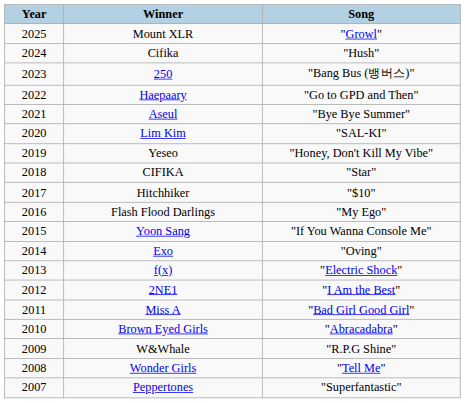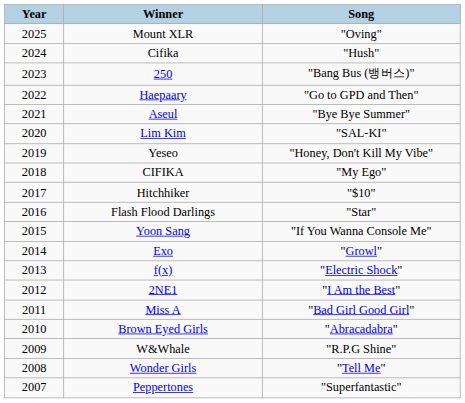 <table class="wikitable" style="text-align: center">
 <tr>
 <th width="70" style="background:#b3d1e3;">Year</th>
 <th width="250" style="background:#b3d1e3;">Winner</th>
 <th width="250" style="background:#b3d1e3;">Song</th>
 </tr>
 <tr>
 <td>2025</td>
 <td>Mount XLR</td>
-<td>"<a href='#'>Growl</a>"</td>
+<td>"Oving"</td>
 </tr>
 <tr>
 <td>2024</td>
 <td>Cifika</td>
 <td>"Hush"</td>
 </tr>
 <tr>
 <td>2023</td>
 <td><a href='#'>250</a></td>
 <td>"Bang Bus (뱅버스)"</td>
 </tr>
 <tr>
 <td>2022</td>
 <td><a href='#'>Haepaary</a></td>
 <td>"Go to GPD and Then"</td>
 </tr>
 <tr>
 <td>2021</td>
 <td><a href='#'>Aseul</a></td>
 <td>"Bye Bye Summer"</td>
 </tr>
 <tr>
 <td>2020</td>
 <td><a href='#'>Lim Kim</a></td>
 <td>"SAL-KI"</td>
 </tr>
 <tr>
 <td>2019</td>
 <td>Yeseo</td>
 <td>"Honey, Don't Kill My Vibe"</td>
 </tr>
 <tr>
 <td>2018</td>
 <td>CIFIKA</td>
-<td>"Star"</td>
+<td>"My Ego"</td>
 </tr>
 <tr>
 <td>2017</td>
 <td>Hitchhiker</td>
 <td>"$10"</td>
 </tr>
 <tr>
 <td>2016</td>
 <td>Flash Flood Darlings</td>
-<td>"My Ego"</td>
+<td>"Star"</td>
 </tr>
 <tr>
 <td>2015</td>
 <td><a href='#'>Yoon Sang</a></td>
 <td>"If You Wanna Console Me"</td>
 </tr>
 <tr>
 <td>2014</td>
 <td><a href='#'>Exo</a></td>
-<td>"Oving"</td>
+<td>"<a href='#'>Growl</a>"</td>
 </tr>
 <tr>
 <td>2013</td>
 <td><a href='#'>f(x)</a></td>
 <td>"<a href='#'>Electric Shock</a>"</td>
 </tr>
 <tr>
 <td>2012</td>
 <td><a href='#'>2NE1</a></td>
 <td>"<a href='#'>I Am the Best</a>"</td>
 </tr>
 <tr>
 <td>2011</td>
 <td><a href='#'>Miss A</a></td>
 <td>"<a href='#'>Bad Girl Good Girl</a>"</td>
 </tr>
 <tr>
 <td>2010</td>
 <td><a href='#'>Brown Eyed Girls</a></td>
 <td>"<a href='#'>Abracadabra</a>"</td>
 </tr>
 <tr>
 <td>2009</td>
 <td>W&Whale</td>
 <td>"R.P.G Shine"</td>
 </tr>
 <tr>
 <td>2008</td>
 <td><a href='#'>Wonder Girls</a></td>
 <td>"<a href='#'>Tell Me</a>"</td>
 </tr>
 <tr>
 <td>2007</td>
 <td><a href='#'>Peppertones</a></td>
 <td>"Superfantastic"</td>
 </tr>
 </table>
